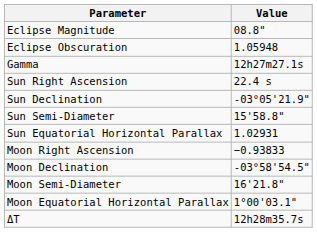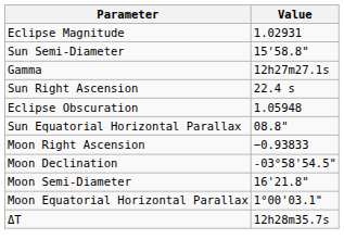 <table class="wikitable">
 <tr>
 <th>Parameter</th>
 <th>Value</th>
 </tr>
 <tr>
 <td>Eclipse Magnitude</td>
-<td>08.8"</td>
+<td>1.02931</td>
 </tr>
 <tr>
-<td>Eclipse Obscuration</td>
-<td>1.05948</td>
+<td>Sun Semi-Diameter</td>
+<td>15'58.8"</td>
 </tr>
 <tr>
 <td>Gamma</td>
 <td>12h27m27.1s</td>
 </tr>
 <tr>
 <td>Sun Right Ascension</td>
 <td>22.4 s</td>
 </tr>
 <tr>
-<td>Sun Declination</td>
-<td>-03°05'21.9"</td>
-</tr>
-<tr>
-<td>Sun Semi-Diameter</td>
-<td>15'58.8"</td>
+<td>Eclipse Obscuration</td>
+<td>1.05948</td>
 </tr>
 <tr>
 <td>Sun Equatorial Horizontal Parallax</td>
-<td>1.02931</td>
+<td>08.8"</td>
 </tr>
 <tr>
 <td>Moon Right Ascension</td>
 <td>−0.93833</td>
 </tr>
 <tr>
 <td>Moon Declination</td>
 <td>-03°58'54.5"</td>
 </tr>
 <tr>
 <td>Moon Semi-Diameter</td>
 <td>16'21.8"</td>
 </tr>
 <tr>
 <td>Moon Equatorial Horizontal Parallax</td>
 <td>1°00'03.1"</td>
 </tr>
 <tr>
 <td>ΔT</td>
 <td>12h28m35.7s</td>
 </tr>
 </table>
